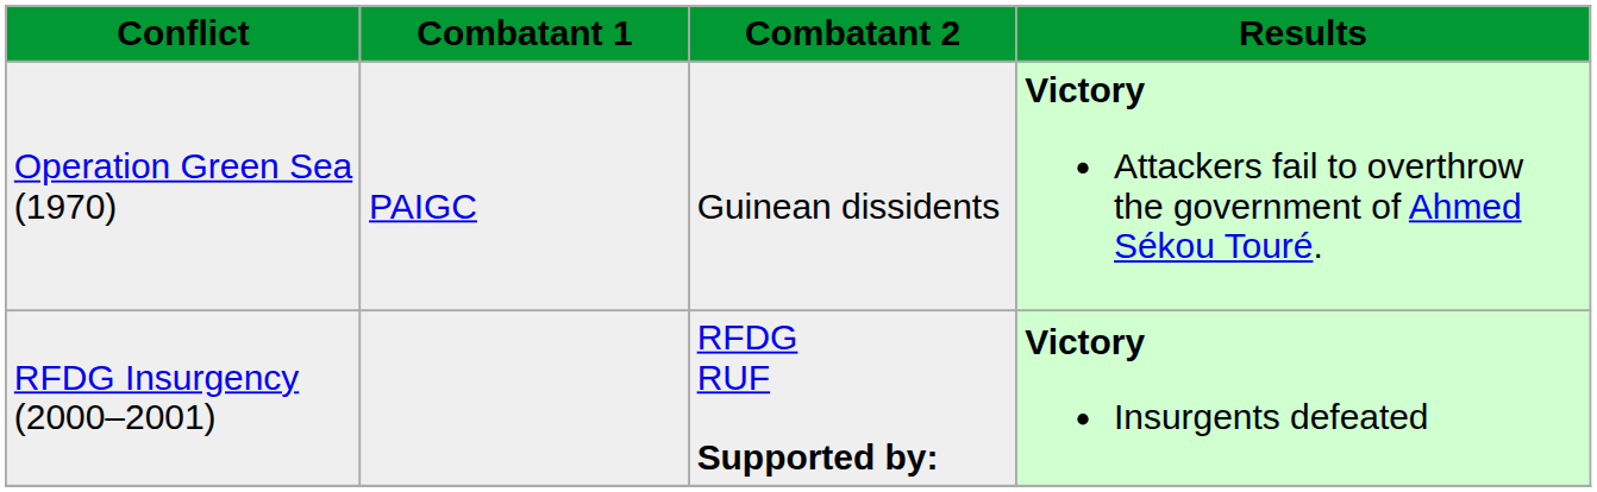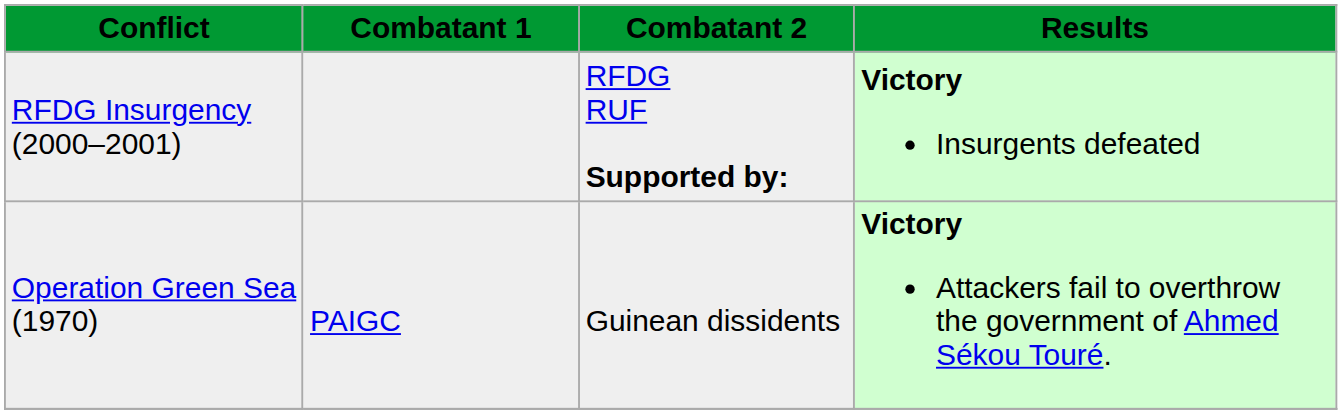 <table class="wikitable">
 <tr>
 <th rowspan="1" style="background:#009933"><span>Conflict</span></th>
 <th rowspan="1" style="background:#009933" width="140px"><span>Combatant 1</span></th>
 <th rowspan="1" style="background:#009933" width="140px"><span>Combatant 2</span></th>
 <th rowspan="1" style="background:#009933" width="250px"><span>Results</span></th>
 </tr>
 <tr>
+<td style="background:#efefef"><a href='#'>RFDG Insurgency</a><br>(2000–2001)</td>
+<td style="background:#efefef"></td>
+<td style="background:#efefef"><a href='#'>RFDG</a><br> <a href='#'>RUF</a><br><br><strong>Supported by:</strong><br> </td>
+<td style="background:#D0FFD0"><strong>Victory</strong><br><ul><li>Insurgents defeated</li></ul></td>
+</tr>
+<tr>
 <td style="background:#efefef"><a href='#'>Operation Green Sea</a><br>(1970)</td>
 <td style="background:#efefef"><br> <a href='#'>PAIGC</a></td>
 <td style="background:#efefef"><br> Guinean dissidents</td>
 <td style="background:#D0FFD0"><strong>Victory</strong><br><ul><li>Attackers fail to overthrow the government of <a href='#'>Ahmed Sékou Touré</a>.</li></ul></td>
 </tr>
 <tr>
-<td style="background:#efefef"><a href='#'>RFDG Insurgency</a><br>(2000–2001)</td>
-<td style="background:#efefef"></td>
-<td style="background:#efefef"><a href='#'>RFDG</a><br> <a href='#'>RUF</a><br><br><strong>Supported by:</strong><br> </td>
-<td style="background:#D0FFD0"><strong>Victory</strong><br><ul><li>Insurgents defeated</li></ul></td>
-</tr>
-<tr>
 </tr>
 </table>
